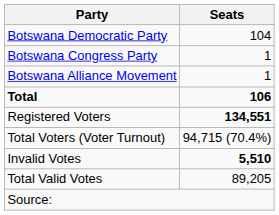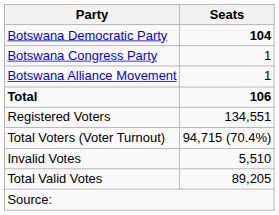 <table class=wikitable style=text-align:right>
 <tr>
 <th>Party</th>
 <th>Seats</th>
 </tr>
 <tr>
 <td align=left><a href='#'>Botswana Democratic Party</a></td>
-<td>104</td>
+<td><strong>104</strong></td>
 </tr>
 <tr>
 <td align=left><a href='#'>Botswana Congress Party</a></td>
 <td>1</td>
 </tr>
 <tr>
 <td align=left><a href='#'>Botswana Alliance Movement</a></td>
 <td>1</td>
 </tr>
 <tr>
 <td align=left><strong>Total</strong></td>
 <td><strong>106</strong></td>
 </tr>
 <tr>
 <td align=left>Registered Voters</td>
-<td><strong>134,551</strong></td>
+<td>134,551</td>
 </tr>
 <tr>
 <td align=left>Total Voters (Voter Turnout)</td>
 <td>94,715 (70.4%)</td>
 </tr>
 <tr>
 <td align=left>Invalid Votes</td>
-<td><strong>5,510</strong></td>
+<td>5,510</td>
 </tr>
 <tr>
 <td align=left>Total Valid Votes</td>
 <td>89,205</td>
 </tr>
 <tr>
 <td colspan=4 align=left>Source: </td>
 </tr>
 </table>
